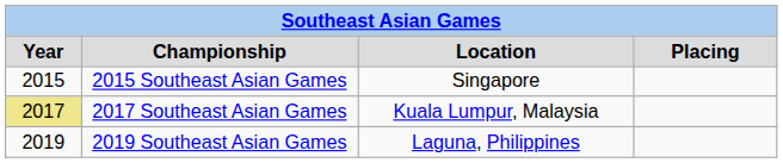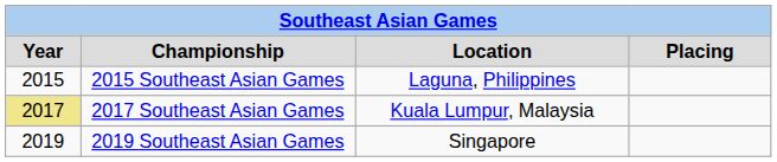 <table class=wikitable style="text-align:center; font-size:90%">
 <tr>
 <th colspan=4 style=background:#ABCDEF><a href='#'>Southeast Asian Games</a></th>
 </tr>
 <tr>
 <th width=50 style=background:gainsboro>Year</th>
 <th width=200 style=background:gainsboro>Championship</th>
 <th width=200 style=background:gainsboro>Location</th>
 <th width=100 style=background:gainsboro>Placing</th>
 </tr>
 <tr>
 <td>2015</td>
 <td><a href='#'>2015 Southeast Asian Games</a></td>
-<td>Singapore</td>
+<td><a href='#'>Laguna</a>, <a href='#'>Philippines</a></td>
 <td></td>
 </tr>
 <tr>
 <td style="background: khaki;">2017</td>
 <td><a href='#'>2017 Southeast Asian Games</a></td>
 <td><a href='#'>Kuala Lumpur</a>, Malaysia</td>
 <td></td>
 </tr>
 <tr>
 <td>2019</td>
 <td><a href='#'>2019 Southeast Asian Games</a></td>
-<td><a href='#'>Laguna</a>, <a href='#'>Philippines</a></td>
+<td>Singapore</td>
 <td></td>
 </tr>
 </table>
